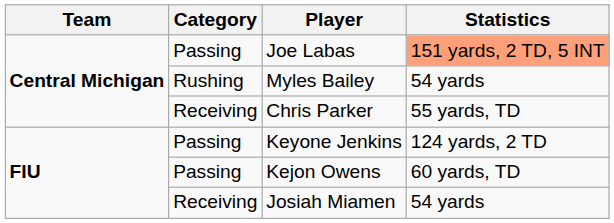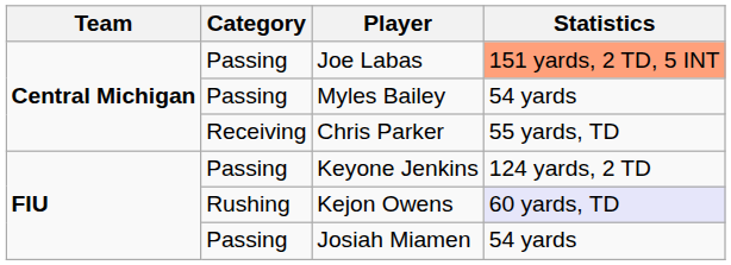 <table class="wikitable" style="float: right;">
 <tr>
 <th>Team</th>
 <th>Category</th>
 <th>Player</th>
 <th>Statistics</th>
 </tr>
 <tr>
 <td rowspan=3><strong>Central Michigan</strong></td>
 <td>Passing</td>
 <td>Joe Labas</td>
 <td style="background: lightsalmon;">151 yards, 2 TD, 5 INT</td>
 </tr>
 <tr>
-<td>Rushing</td>
+<td>Passing</td>
 <td>Myles Bailey</td>
 <td>54 yards</td>
 </tr>
 <tr>
 <td>Receiving</td>
 <td>Chris Parker</td>
 <td>55 yards, TD</td>
 </tr>
 <tr>
 <td rowspan=3><strong>FIU</strong></td>
 <td>Passing</td>
 <td>Keyone Jenkins</td>
 <td>124 yards, 2 TD</td>
 </tr>
 <tr>
-<td>Passing</td>
+<td>Rushing</td>
 <td>Kejon Owens</td>
-<td>60 yards, TD</td>
+<td style="background: lavender;">60 yards, TD</td>
 </tr>
 <tr>
-<td>Receiving</td>
+<td>Passing</td>
 <td>Josiah Miamen</td>
 <td>54 yards</td>
 </tr>
 </table>
